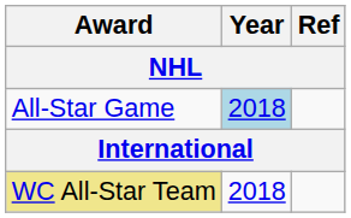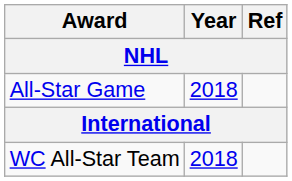 <table class="wikitable">
 <tr>
 <th>Award</th>
 <th>Year</th>
 <th>Ref</th>
 </tr>
 <tr>
 <th colspan="3"><a href='#'>NHL</a></th>
 </tr>
 <tr>
 <td><a href='#'>All-Star Game</a></td>
-<td style="background: lightblue;"><a href='#'>2018</a></td>
+<td><a href='#'>2018</a></td>
 <td></td>
 </tr>
 <tr>
 <th colspan="3"><a href='#'>International</a></th>
 </tr>
 <tr>
-<td style="background: khaki;"><a href='#'>WC</a> All-Star Team</td>
+<td><a href='#'>WC</a> All-Star Team</td>
 <td><a href='#'>2018</a></td>
 <td></td>
 </tr>
 </table>
